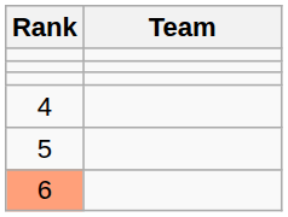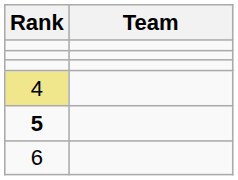 <table class="wikitable" style="text-align: center; font-size:90% ">
 <tr>
 <th width=35>Rank</th>
 <th width=100>Team</th>
 </tr>
 <tr>
 <td></td>
 <td align=left></td>
 </tr>
 <tr>
 <td></td>
 <td align=left></td>
 </tr>
 <tr>
 <td></td>
 <td align=left></td>
 </tr>
 <tr>
-<td>4</td>
+<td style="background: khaki;">4</td>
 <td align=left></td>
 </tr>
 <tr>
-<td>5</td>
+<td><strong>5</strong></td>
 <td align=left></td>
 </tr>
 <tr>
-<td style="background: lightsalmon;">6</td>
+<td>6</td>
 <td align=left></td>
 </tr>
 </table>
